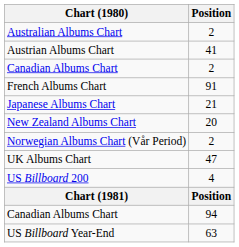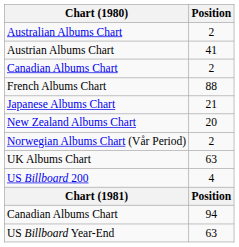 <table class="wikitable" style="text-align:center;">
 <tr>
 <th>Chart (1980)</th>
 <th>Position</th>
 </tr>
 <tr>
 <td align="left"><a href='#'>Australian Albums Chart</a></td>
 <td>2</td>
 </tr>
 <tr>
 <td align="left">Austrian Albums Chart</td>
 <td>41</td>
 </tr>
 <tr>
 <td align="left"><a href='#'>Canadian Albums Chart</a></td>
 <td>2</td>
 </tr>
 <tr>
 <td align="left">French Albums Chart</td>
-<td>91</td>
+<td>88</td>
 </tr>
 <tr>
 <td align="left"><a href='#'>Japanese Albums Chart</a></td>
 <td>21</td>
 </tr>
 <tr>
 <td align="left"><a href='#'>New Zealand Albums Chart</a></td>
 <td>20</td>
 </tr>
 <tr>
 <td align="left"><a href='#'>Norwegian Albums Chart</a> (Vår Period)</td>
 <td>2</td>
 </tr>
 <tr>
 <td align="left">UK Albums Chart</td>
-<td>47</td>
+<td>63</td>
 </tr>
 <tr>
 <td align="left"><a href='#'>US <em>Billboard</em> 200</a></td>
 <td>4</td>
 </tr>
 <tr>
 <th>Chart (1981)</th>
 <th>Position</th>
 </tr>
 <tr>
 <td align="left">Canadian Albums Chart</td>
 <td>94</td>
 </tr>
 <tr>
 <td align="left">US <em>Billboard</em> Year-End</td>
 <td>63</td>
 </tr>
 </table>
